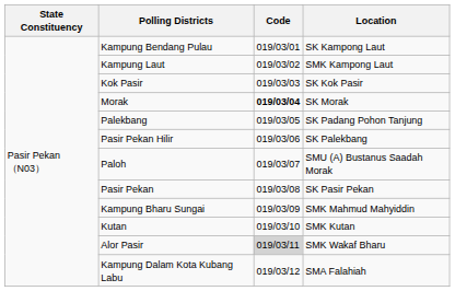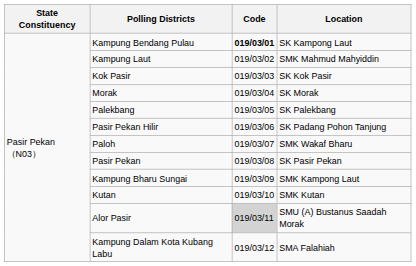 <table class="wikitable sortable mw-collapsible">
 <tr>
 <th><small>State Constituency</small></th>
 <th><small>Polling Districts</small></th>
 <th><small>Code</small></th>
 <th><small>Location</small></th>
 </tr>
 <tr>
 <td rowspan="12"><small>Pasir Pekan（N03）</small></td>
 <td><small>Kampung Bendang Pulau</small></td>
-<td><small>019/03/01</small></td>
+<td><strong><small>019/03/01</small></strong></td>
 <td><small>SK Kampong Laut</small></td>
 </tr>
 <tr>
 <td><small>Kampung Laut</small></td>
 <td><small>019/03/02</small></td>
-<td><small>SMK Kampong Laut</small></td>
+<td><small>SMK Mahmud Mahyiddin</small></td>
 </tr>
 <tr>
 <td><small>Kok Pasir</small></td>
 <td><small>019/03/03</small></td>
 <td><small>SK Kok Pasir</small></td>
 </tr>
 <tr>
 <td><small>Morak</small></td>
-<td><strong><small>019/03/04</small></strong></td>
+<td><small>019/03/04</small></td>
 <td><small>SK Morak</small></td>
 </tr>
 <tr>
 <td><small>Palekbang</small></td>
 <td><small>019/03/05</small></td>
-<td><small>SK Padang Pohon Tanjung</small></td>
+<td><small>SK Palekbang</small></td>
 </tr>
 <tr>
 <td><small>Pasir Pekan Hilir</small></td>
 <td><small>019/03/06</small></td>
-<td><small>SK Palekbang</small></td>
+<td><small>SK Padang Pohon Tanjung</small></td>
 </tr>
 <tr>
 <td><small>Paloh</small></td>
 <td><small>019/03/07</small></td>
-<td><small>SMU (A) Bustanus Saadah Morak</small></td>
+<td><small>SMK Wakaf Bharu</small></td>
 </tr>
 <tr>
 <td><small>Pasir Pekan</small></td>
 <td><small>019/03/08</small></td>
 <td><small>SK Pasir Pekan</small></td>
 </tr>
 <tr>
 <td><small>Kampung Bharu Sungai</small></td>
 <td><small>019/03/09</small></td>
-<td><small>SMK Mahmud Mahyiddin</small></td>
+<td><small>SMK Kampong Laut</small></td>
 </tr>
 <tr>
 <td><small>Kutan</small></td>
 <td><small>019/03/10</small></td>
 <td><small>SMK Kutan</small></td>
 </tr>
 <tr>
 <td><small>Alor Pasir</small></td>
 <td style="background: lightgrey;"><small>019/03/11</small></td>
-<td><small>SMK Wakaf Bharu</small></td>
+<td><small>SMU (A) Bustanus Saadah Morak</small></td>
 </tr>
 <tr>
 <td><small>Kampung Dalam Kota Kubang Labu</small></td>
 <td><small>019/03/12</small></td>
 <td><small>SMA Falahiah</small></td>
 </tr>
 </table>
